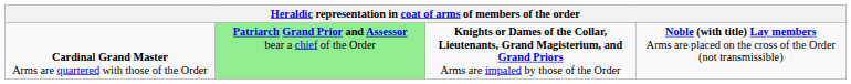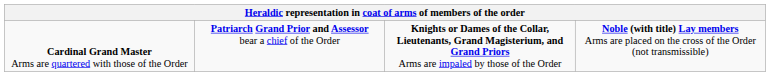 <table class="wikitable" style="margin:1em auto; width:60%;">
 <tr>
 <th colspan=4><a href='#'>Heraldic</a> representation in <a href='#'>coat of arms</a> of members of the order</th>
 </tr>
 <tr>
 <td style="vertical-align:top; width:20%; text-align:center;"><br><br><strong>Cardinal Grand Master</strong><br>Arms are <a href='#'>quartered</a> with those of the Order</td>
-<td style="background: lightgreen; vertical-align:top; width:20%; text-align:center;"><strong><a href='#'>Patriarch</a> <a href='#'>Grand Prior</a> and <a href='#'>Assessor</a></strong><br>bear a <a href='#'>chief</a> of the Order</td>
+<td style="vertical-align:top; width:20%; text-align:center;"><strong><a href='#'>Patriarch</a> <a href='#'>Grand Prior</a> and <a href='#'>Assessor</a></strong><br>bear a <a href='#'>chief</a> of the Order</td>
 <td style="vertical-align:top; width:20%; text-align:center;"><strong>Knights or Dames of the Collar, Lieutenants, Grand Magisterium, and <a href='#'>Grand Priors</a></strong><br>Arms are <a href='#'>impaled</a> by those of the Order</td>
 <td style="vertical-align:top; width:20%; text-align:center;"><strong><a href='#'>Noble</a> (with title) <a href='#'>Lay members</a></strong><br>Arms are placed on the cross of the Order (not transmissible)</td>
 </tr>
 </table>
